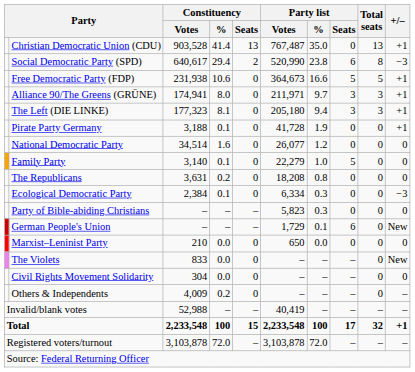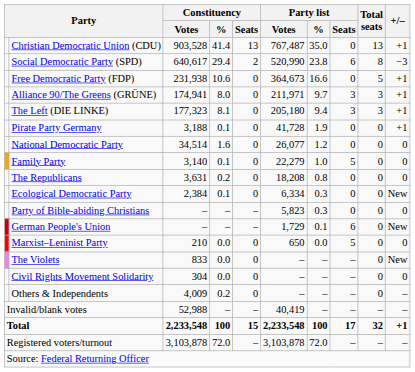 <table class="wikitable" style="text-align:right">
 <tr>
 <th colspan="2" rowspan="2">Party</th>
 <th colspan="3">Constituency</th>
 <th colspan="3">Party list</th>
 <th rowspan="2">Total<br>seats</th>
 <th rowspan="2">+/–</th>
 </tr>
 <tr>
 <th>Votes</th>
 <th>%</th>
 <th>Seats</th>
 <th>Votes</th>
 <th>%</th>
 <th>Seats</th>
 </tr>
 <tr>
 <td></td>
 <td align="left"><a href='#'>Christian Democratic Union</a> (CDU)</td>
 <td>903,528</td>
 <td>41.4</td>
 <td>13</td>
 <td>767,487</td>
 <td>35.0</td>
 <td>0</td>
 <td>13</td>
 <td>+1</td>
 </tr>
 <tr>
 <td></td>
 <td align="left"><a href='#'>Social Democratic Party</a> (SPD)</td>
 <td>640,617</td>
 <td>29.4</td>
 <td>2</td>
 <td>520,990</td>
 <td>23.8</td>
 <td>6</td>
 <td>8</td>
 <td>−3</td>
 </tr>
 <tr>
 <td></td>
 <td align="left"><a href='#'>Free Democratic Party</a> (FDP)</td>
 <td>231,938</td>
 <td>10.6</td>
 <td>0</td>
 <td>364,673</td>
 <td>16.6</td>
-<td>5</td>
+<td>0</td>
 <td>5</td>
 <td>+1</td>
 </tr>
 <tr>
 <td></td>
 <td align="left"><a href='#'>Alliance 90/The Greens</a> (GRÜNE)</td>
 <td>174,941</td>
 <td>8.0</td>
 <td>0</td>
 <td>211,971</td>
 <td>9.7</td>
 <td>3</td>
 <td>3</td>
 <td>+1</td>
 </tr>
 <tr>
 <td></td>
 <td align="left"><a href='#'>The Left</a> (DIE LINKE)</td>
 <td>177,323</td>
 <td>8.1</td>
 <td>0</td>
 <td>205,180</td>
 <td>9.4</td>
 <td>3</td>
 <td>3</td>
 <td>+1</td>
 </tr>
 <tr>
 <td style="background-color:"></td>
 <td align="left"><a href='#'>Pirate Party Germany</a></td>
 <td>3,188</td>
 <td>0.1</td>
 <td>0</td>
 <td>41,728</td>
 <td>1.9</td>
 <td>0</td>
 <td>0</td>
 <td>+1</td>
 </tr>
 <tr>
 <td style="background-color:"></td>
 <td align="left"><a href='#'>National Democratic Party</a></td>
 <td>34,514</td>
 <td>1.6</td>
 <td>0</td>
 <td>26,077</td>
 <td>1.2</td>
 <td>0</td>
 <td>0</td>
 <td>0</td>
 </tr>
 <tr>
 <td style="background-color:#FFA500"></td>
 <td align="left"><a href='#'>Family Party</a></td>
 <td>3,140</td>
 <td>0.1</td>
 <td>0</td>
 <td>22,279</td>
 <td>1.0</td>
 <td>5</td>
 <td>0</td>
 <td>0</td>
 </tr>
 <tr>
 <td style="background-color:"></td>
 <td align="left"><a href='#'>The Republicans</a></td>
 <td>3,631</td>
 <td>0.2</td>
 <td>0</td>
 <td>18,208</td>
 <td>0.8</td>
 <td>0</td>
 <td>0</td>
 <td>0</td>
 </tr>
 <tr>
 <td style="background-color:"></td>
 <td align="left"><a href='#'>Ecological Democratic Party</a></td>
 <td>2,384</td>
 <td>0.1</td>
 <td>0</td>
 <td>6,334</td>
 <td>0.3</td>
 <td>0</td>
 <td>0</td>
-<td>−3</td>
+<td>New</td>
 </tr>
 <tr>
 <td></td>
 <td align="left"><a href='#'>Party of Bible-abiding Christians</a></td>
 <td>–</td>
 <td>–</td>
 <td>–</td>
 <td>5,823</td>
 <td>0.3</td>
 <td>0</td>
 <td>0</td>
 <td>0</td>
 </tr>
 <tr>
 <td style="background-color:#CC0000"></td>
 <td align="left"><a href='#'>German People's Union</a></td>
 <td>–</td>
 <td>–</td>
 <td>–</td>
 <td>1,729</td>
 <td>0.1</td>
 <td>6</td>
 <td>0</td>
 <td>New</td>
 </tr>
 <tr>
 <td style="background-color:red"></td>
 <td align="left"><a href='#'>Marxist–Leninist Party</a></td>
 <td>210</td>
 <td>0.0</td>
 <td>0</td>
 <td>650</td>
 <td>0.0</td>
-<td>0</td>
+<td>5</td>
 <td>0</td>
 <td>0</td>
 </tr>
 <tr>
 <td style="background-color:#EE82EE"></td>
 <td align="left"><a href='#'>The Violets</a></td>
 <td>833</td>
 <td>0.0</td>
 <td>0</td>
 <td>–</td>
 <td>–</td>
 <td>–</td>
 <td>0</td>
 <td>New</td>
 </tr>
 <tr>
 <td></td>
 <td align="left"><a href='#'>Civil Rights Movement Solidarity</a></td>
 <td>304</td>
 <td>0.0</td>
 <td>0</td>
 <td>–</td>
 <td>–</td>
 <td>–</td>
 <td>0</td>
 <td>0</td>
 </tr>
 <tr>
 <td></td>
 <td align="left">Others & Independents</td>
 <td>4,009</td>
 <td>0.2</td>
 <td>0</td>
 <td>–</td>
 <td>–</td>
 <td>–</td>
 <td>0</td>
 <td>–</td>
 </tr>
 <tr>
 <td colspan="2" align="left">Invalid/blank votes</td>
 <td>52,988</td>
 <td>–</td>
 <td>–</td>
 <td>40,419</td>
 <td>–</td>
 <td>–</td>
 <td>–</td>
 <td>–</td>
 </tr>
 <tr>
 <td colspan="2" align="left"><strong>Total</strong></td>
 <td><strong>2,233,548</strong></td>
 <td><strong>100</strong></td>
 <td><strong>15</strong></td>
 <td><strong>2,233,548</strong></td>
 <td><strong>100</strong></td>
 <td><strong>17</strong></td>
 <td><strong>32</strong></td>
 <td><strong>+1</strong></td>
 </tr>
 <tr>
 <td colspan="2" align="left">Registered voters/turnout</td>
 <td>3,103,878</td>
 <td>72.0</td>
 <td>–</td>
 <td>3,103,878</td>
 <td>72.0</td>
 <td>–</td>
 <td>–</td>
 <td>–</td>
 </tr>
 <tr>
 <td colspan="10" align="left">Source: <a href='#'>Federal Returning Officer</a></td>
 </tr>
 </table>
